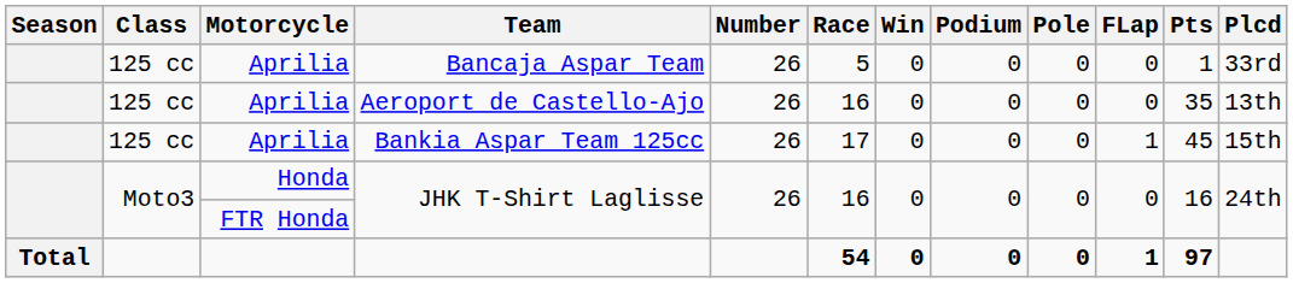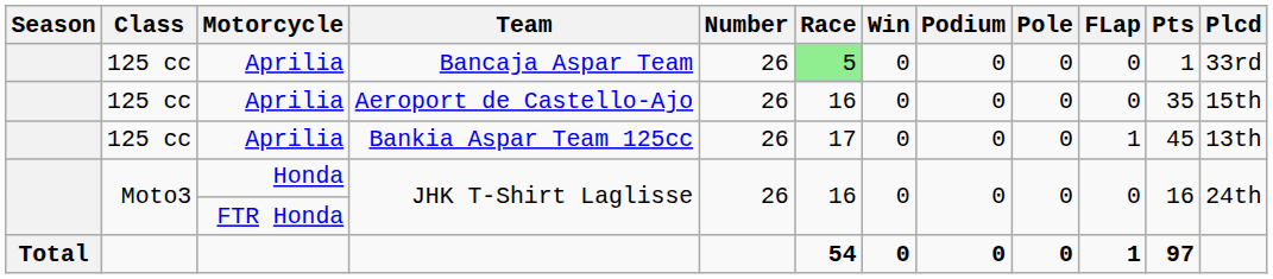 <table class="wikitable">
 <tr>
 <th>Season</th>
 <th>Class</th>
 <th>Motorcycle</th>
 <th>Team</th>
 <th>Number</th>
 <th>Race</th>
 <th>Win</th>
 <th>Podium</th>
 <th>Pole</th>
 <th>FLap</th>
 <th>Pts</th>
 <th>Plcd</th>
 </tr>
 <tr align="right">
 <th></th>
 <td>125 cc</td>
 <td><a href='#'>Aprilia</a></td>
 <td><a href='#'>Bancaja Aspar Team</a></td>
 <td>26</td>
-<td>5</td>
+<td style="background: lightgreen;">5</td>
 <td>0</td>
 <td>0</td>
 <td>0</td>
 <td>0</td>
 <td>1</td>
 <td>33rd</td>
 </tr>
 <tr align="right">
 <th></th>
 <td>125 cc</td>
 <td><a href='#'>Aprilia</a></td>
 <td><a href='#'>Aeroport de Castello-Ajo</a></td>
 <td>26</td>
 <td>16</td>
 <td>0</td>
 <td>0</td>
 <td>0</td>
 <td>0</td>
 <td>35</td>
-<td>13th</td>
+<td>15th</td>
 </tr>
 <tr align="right">
 <th></th>
 <td>125 cc</td>
 <td><a href='#'>Aprilia</a></td>
 <td><a href='#'>Bankia Aspar Team 125cc</a></td>
 <td>26</td>
 <td>17</td>
 <td>0</td>
 <td>0</td>
 <td>0</td>
 <td>1</td>
 <td>45</td>
-<td>15th</td>
+<td>13th</td>
 </tr>
 <tr align="right">
 <th rowspan=2></th>
 <td rowspan=2>Moto3</td>
 <td><a href='#'>Honda</a></td>
 <td rowspan=2>JHK T-Shirt Laglisse</td>
 <td rowspan=2>26</td>
 <td rowspan=2>16</td>
 <td rowspan=2>0</td>
 <td rowspan=2>0</td>
 <td rowspan=2>0</td>
 <td rowspan=2>0</td>
 <td rowspan=2>16</td>
 <td rowspan=2>24th</td>
 </tr>
 <tr align="right">
 <td><a href='#'>FTR</a> <a href='#'>Honda</a></td>
 </tr>
 <tr align="right">
 <th>Total</th>
 <td></td>
 <td></td>
 <td></td>
 <td></td>
 <td><strong>54</strong></td>
 <td><strong>0</strong></td>
 <td><strong>0</strong></td>
 <td><strong>0</strong></td>
 <td><strong>1</strong></td>
 <td><strong>97</strong></td>
 <td></td>
 </tr>
 </table>
